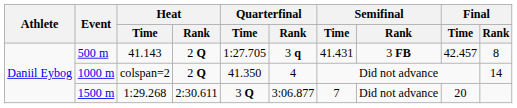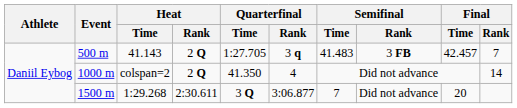 <table class="wikitable" style="font-size:90%">
 <tr>
 <th rowspan=2>Athlete</th>
 <th rowspan=2>Event</th>
 <th colspan=2>Heat</th>
 <th colspan=2>Quarterfinal</th>
 <th colspan=2>Semifinal</th>
 <th colspan=2>Final</th>
 </tr>
 <tr style="font-size:95%">
 <th>Time</th>
 <th>Rank</th>
 <th>Time</th>
 <th>Rank</th>
 <th>Time</th>
 <th>Rank</th>
 <th>Time</th>
 <th>Rank</th>
 </tr>
 <tr align=center>
 <td align=left rowspan=3><a href='#'>Daniil Eybog</a></td>
 <td align=left><a href='#'>500 m</a></td>
 <td>41.143</td>
 <td>2 <strong>Q</strong></td>
 <td>1:27.705</td>
 <td>3 <strong>q</strong></td>
-<td>41.431</td>
+<td>41.483</td>
 <td>3 <strong>FB</strong></td>
 <td>42.457</td>
-<td>8</td>
+<td>7</td>
 </tr>
 <tr align=center>
 <td align=left><a href='#'>1000 m</a></td>
 <td>colspan=2 </td>
 <td>2 <strong>Q</strong></td>
 <td>41.350</td>
 <td>4</td>
 <td colspan=3>Did not advance</td>
 <td>14</td>
 </tr>
 <tr align=center>
 <td align=left><a href='#'>1500 m</a></td>
 <td>1:29.268</td>
 <td>2:30.611</td>
 <td>3 <strong>Q</strong></td>
 <td>3:06.877</td>
 <td>7</td>
 <td>Did not advance</td>
 <td>20</td>
 </tr>
 </table>
